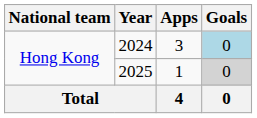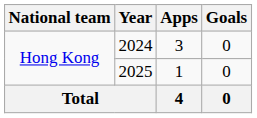 <table class="wikitable" style="text-align:center">
 <tr>
 <th>National team</th>
 <th>Year</th>
 <th>Apps</th>
 <th>Goals</th>
 </tr>
 <tr>
 <td rowspan="2"><a href='#'>Hong Kong</a></td>
 <td>2024</td>
 <td>3</td>
-<td style="background: lightblue;">0</td>
+<td>0</td>
 </tr>
 <tr>
 <td>2025</td>
 <td>1</td>
-<td style="background: lightgrey;">0</td>
+<td>0</td>
 </tr>
 <tr>
 <th colspan="2">Total</th>
 <th>4</th>
 <th>0</th>
 </tr>
 </table>
